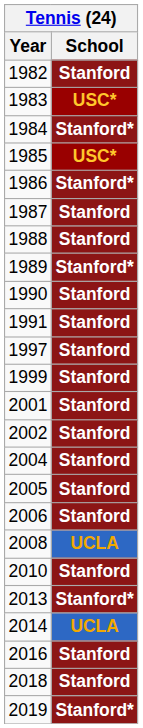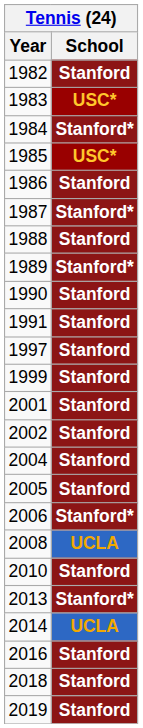 <table class="wikitable">
 <tr>
 <th colspan=2><a href='#'>Tennis</a> (24)</th>
 </tr>
 <tr>
 <th>Year</th>
 <th>School</th>
 </tr>
 <tr>
 <td>1982</td>
 <th style="background:#8C1515; color:#FFFFFF;">Stanford</th>
 </tr>
 <tr>
 <td>1983</td>
 <th style="background:#990000; color:#FFC72C;">USC*</th>
 </tr>
 <tr>
 <td>1984</td>
 <th style="background:#8C1515; color:#FFFFFF;">Stanford*</th>
 </tr>
 <tr>
 <td>1985</td>
 <th style="background:#990000; color:#FFC72C;">USC*</th>
 </tr>
 <tr>
 <td>1986</td>
-<th style="background:#8C1515; color:#FFFFFF;">Stanford*</th>
+<th style="background:#8C1515; color:#FFFFFF;">Stanford</th>
 </tr>
 <tr>
 <td>1987</td>
-<th style="background:#8C1515; color:#FFFFFF;">Stanford</th>
+<th style="background:#8C1515; color:#FFFFFF;">Stanford*</th>
 </tr>
 <tr>
 <td>1988</td>
 <th style="background:#8C1515; color:#FFFFFF;">Stanford</th>
 </tr>
 <tr>
 <td>1989</td>
 <th style="background:#8C1515; color:#FFFFFF;">Stanford*</th>
 </tr>
 <tr>
 <td>1990</td>
 <th style="background:#8C1515; color:#FFFFFF;">Stanford</th>
 </tr>
 <tr>
 <td>1991</td>
 <th style="background:#8C1515; color:#FFFFFF;">Stanford</th>
 </tr>
 <tr>
 <td>1997</td>
 <th style="background:#8C1515; color:#FFFFFF;">Stanford</th>
 </tr>
 <tr>
 <td>1999</td>
 <th style="background:#8C1515; color:#FFFFFF;">Stanford</th>
 </tr>
 <tr>
 <td>2001</td>
 <th style="background:#8C1515; color:#FFFFFF;">Stanford</th>
 </tr>
 <tr>
 <td>2002</td>
 <th style="background:#8C1515; color:#FFFFFF;">Stanford</th>
 </tr>
 <tr>
 <td>2004</td>
 <th style="background:#8C1515; color:#FFFFFF;">Stanford</th>
 </tr>
 <tr>
 <td>2005</td>
 <th style="background:#8C1515; color:#FFFFFF;">Stanford</th>
 </tr>
 <tr>
 <td>2006</td>
-<th style="background:#8C1515; color:#FFFFFF;">Stanford</th>
+<th style="background:#8C1515; color:#FFFFFF;">Stanford*</th>
 </tr>
 <tr>
 <td>2008</td>
 <th style="background:#2D68C4; color:#F2A900;">UCLA</th>
 </tr>
 <tr>
 <td>2010</td>
 <th style="background:#8C1515; color:#FFFFFF;">Stanford</th>
 </tr>
 <tr>
 <td>2013</td>
 <th style="background:#8C1515; color:#FFFFFF;">Stanford*</th>
 </tr>
 <tr>
 <td>2014</td>
 <th style="background:#2D68C4; color:#F2A900;">UCLA</th>
 </tr>
 <tr>
 <td>2016</td>
 <th style="background:#8C1515; color:#FFFFFF;">Stanford</th>
 </tr>
 <tr>
 <td>2018</td>
 <th style="background:#8C1515; color:#FFFFFF;">Stanford</th>
 </tr>
 <tr>
 <td>2019</td>
-<th style="background:#8C1515; color:#FFFFFF;">Stanford*</th>
+<th style="background:#8C1515; color:#FFFFFF;">Stanford</th>
 </tr>
 </table>
